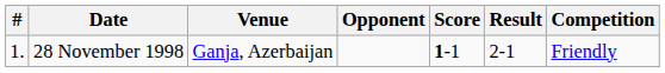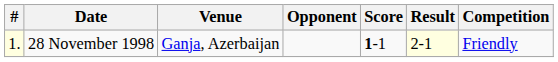 <table class="wikitable">
 <tr>
 <th>#</th>
 <th>Date</th>
 <th>Venue</th>
 <th>Opponent</th>
 <th>Score</th>
 <th>Result</th>
 <th>Competition</th>
 </tr>
 <tr>
-<td>1.</td>
+<td style="background: lightyellow;">1.</td>
 <td>28 November 1998</td>
 <td><a href='#'>Ganja</a>, Azerbaijan</td>
 <td></td>
 <td><strong>1</strong>-1</td>
-<td>2-1</td>
+<td style="background: lightyellow;">2-1</td>
 <td><a href='#'>Friendly</a></td>
 </tr>
 <tr>
 </tr>
 </table>
